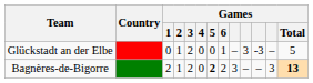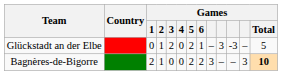 <table class="wikitable plainrowheaders" style="text-align:center;">
 <tr>
 <th rowspan=2>Team</th>
 <th rowspan=2>Country</th>
 <th colspan=11>Games</th>
 </tr>
 <tr>
 <th>1</th>
 <th>2</th>
 <th>3</th>
 <th>4</th>
 <th>5</th>
 <th>6</th>
 <th></th>
 <th></th>
 <th></th>
 <th></th>
 <th>Total</th>
 </tr>
 <tr>
 <td>Glückstadt an der Elbe</td>
 <td style="background:red"></td>
 <td>0</td>
 <td>1</td>
 <td>2</td>
 <td>0</td>
-<td>0</td>
+<td>2</td>
 <td>1</td>
 <td>–</td>
 <td>3</td>
 <td>-3</td>
 <td>–</td>
 <td>5</td>
 </tr>
 <tr>
 <td>Bagnères-de-Bigorre</td>
 <td style="background:green"></td>
 <td>2</td>
 <td>1</td>
+<td>0</td>
+<td>0</td>
 <td>2</td>
-<td>0</td>
-<td><strong>2</strong></td>
 <td>2</td>
 <td>3</td>
 <td>–</td>
 <td>–</td>
 <td>3</td>
-<td style="font-weight:bold; background:NavajoWhite;">13</td>
+<td style="font-weight:bold; background:NavajoWhite;">10</td>
 </tr>
 </table>
